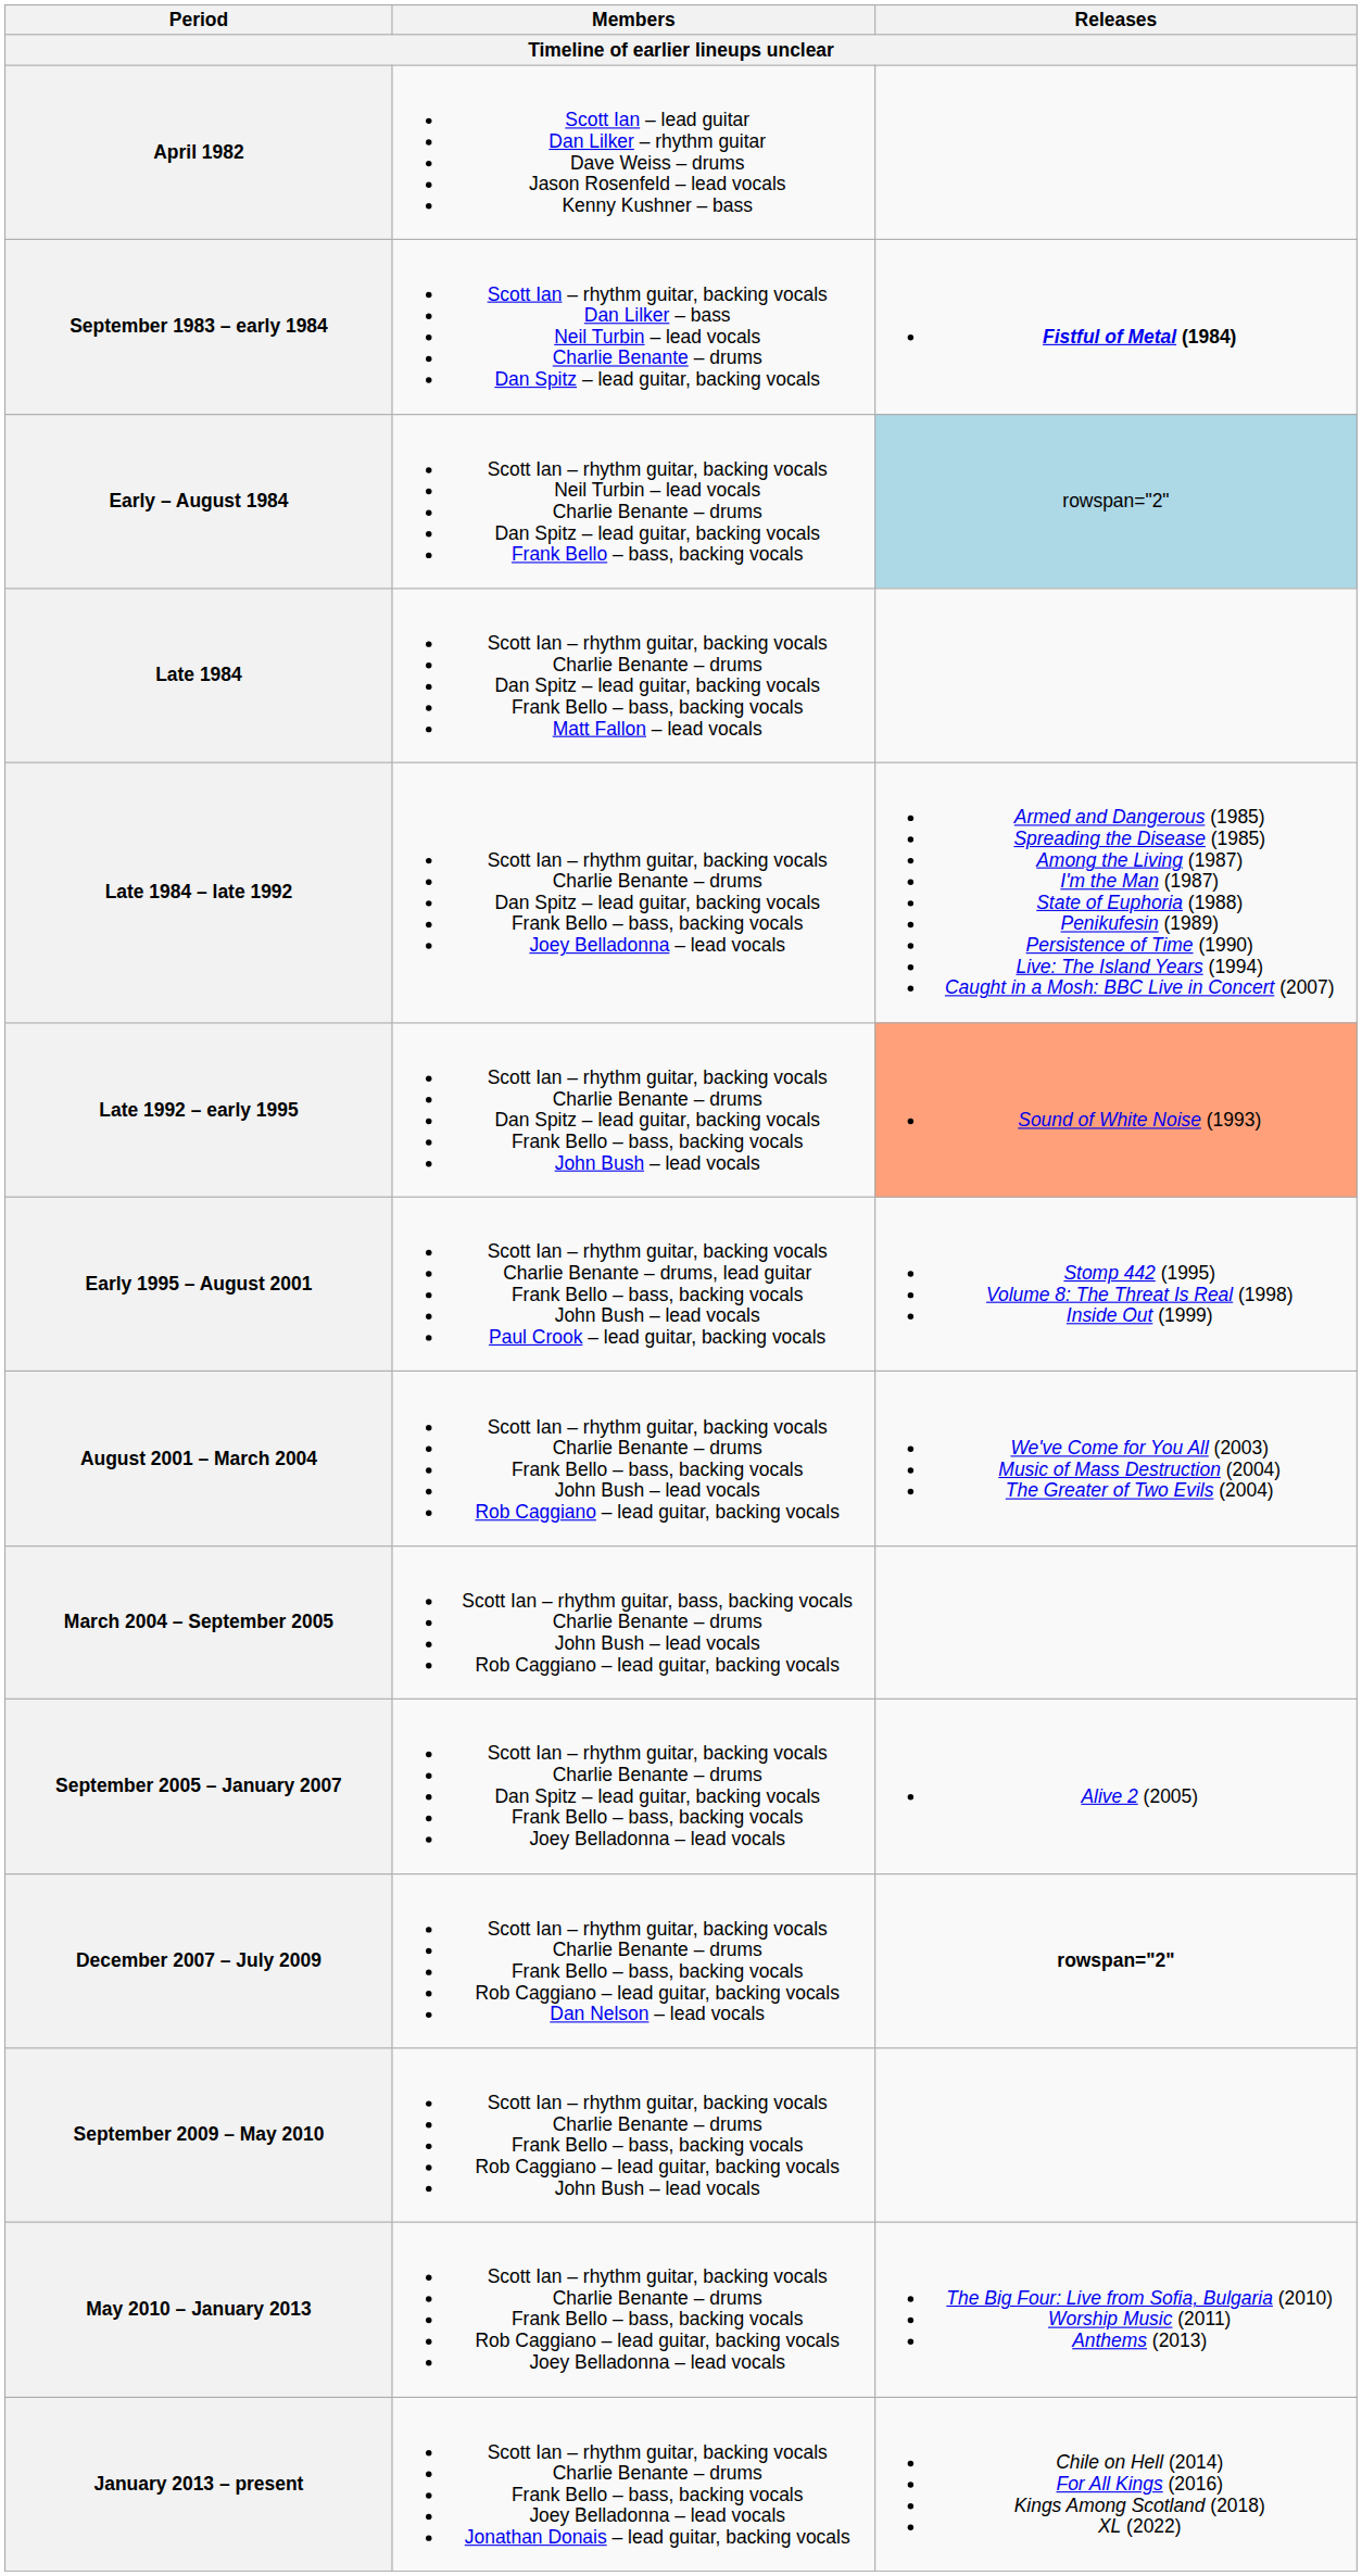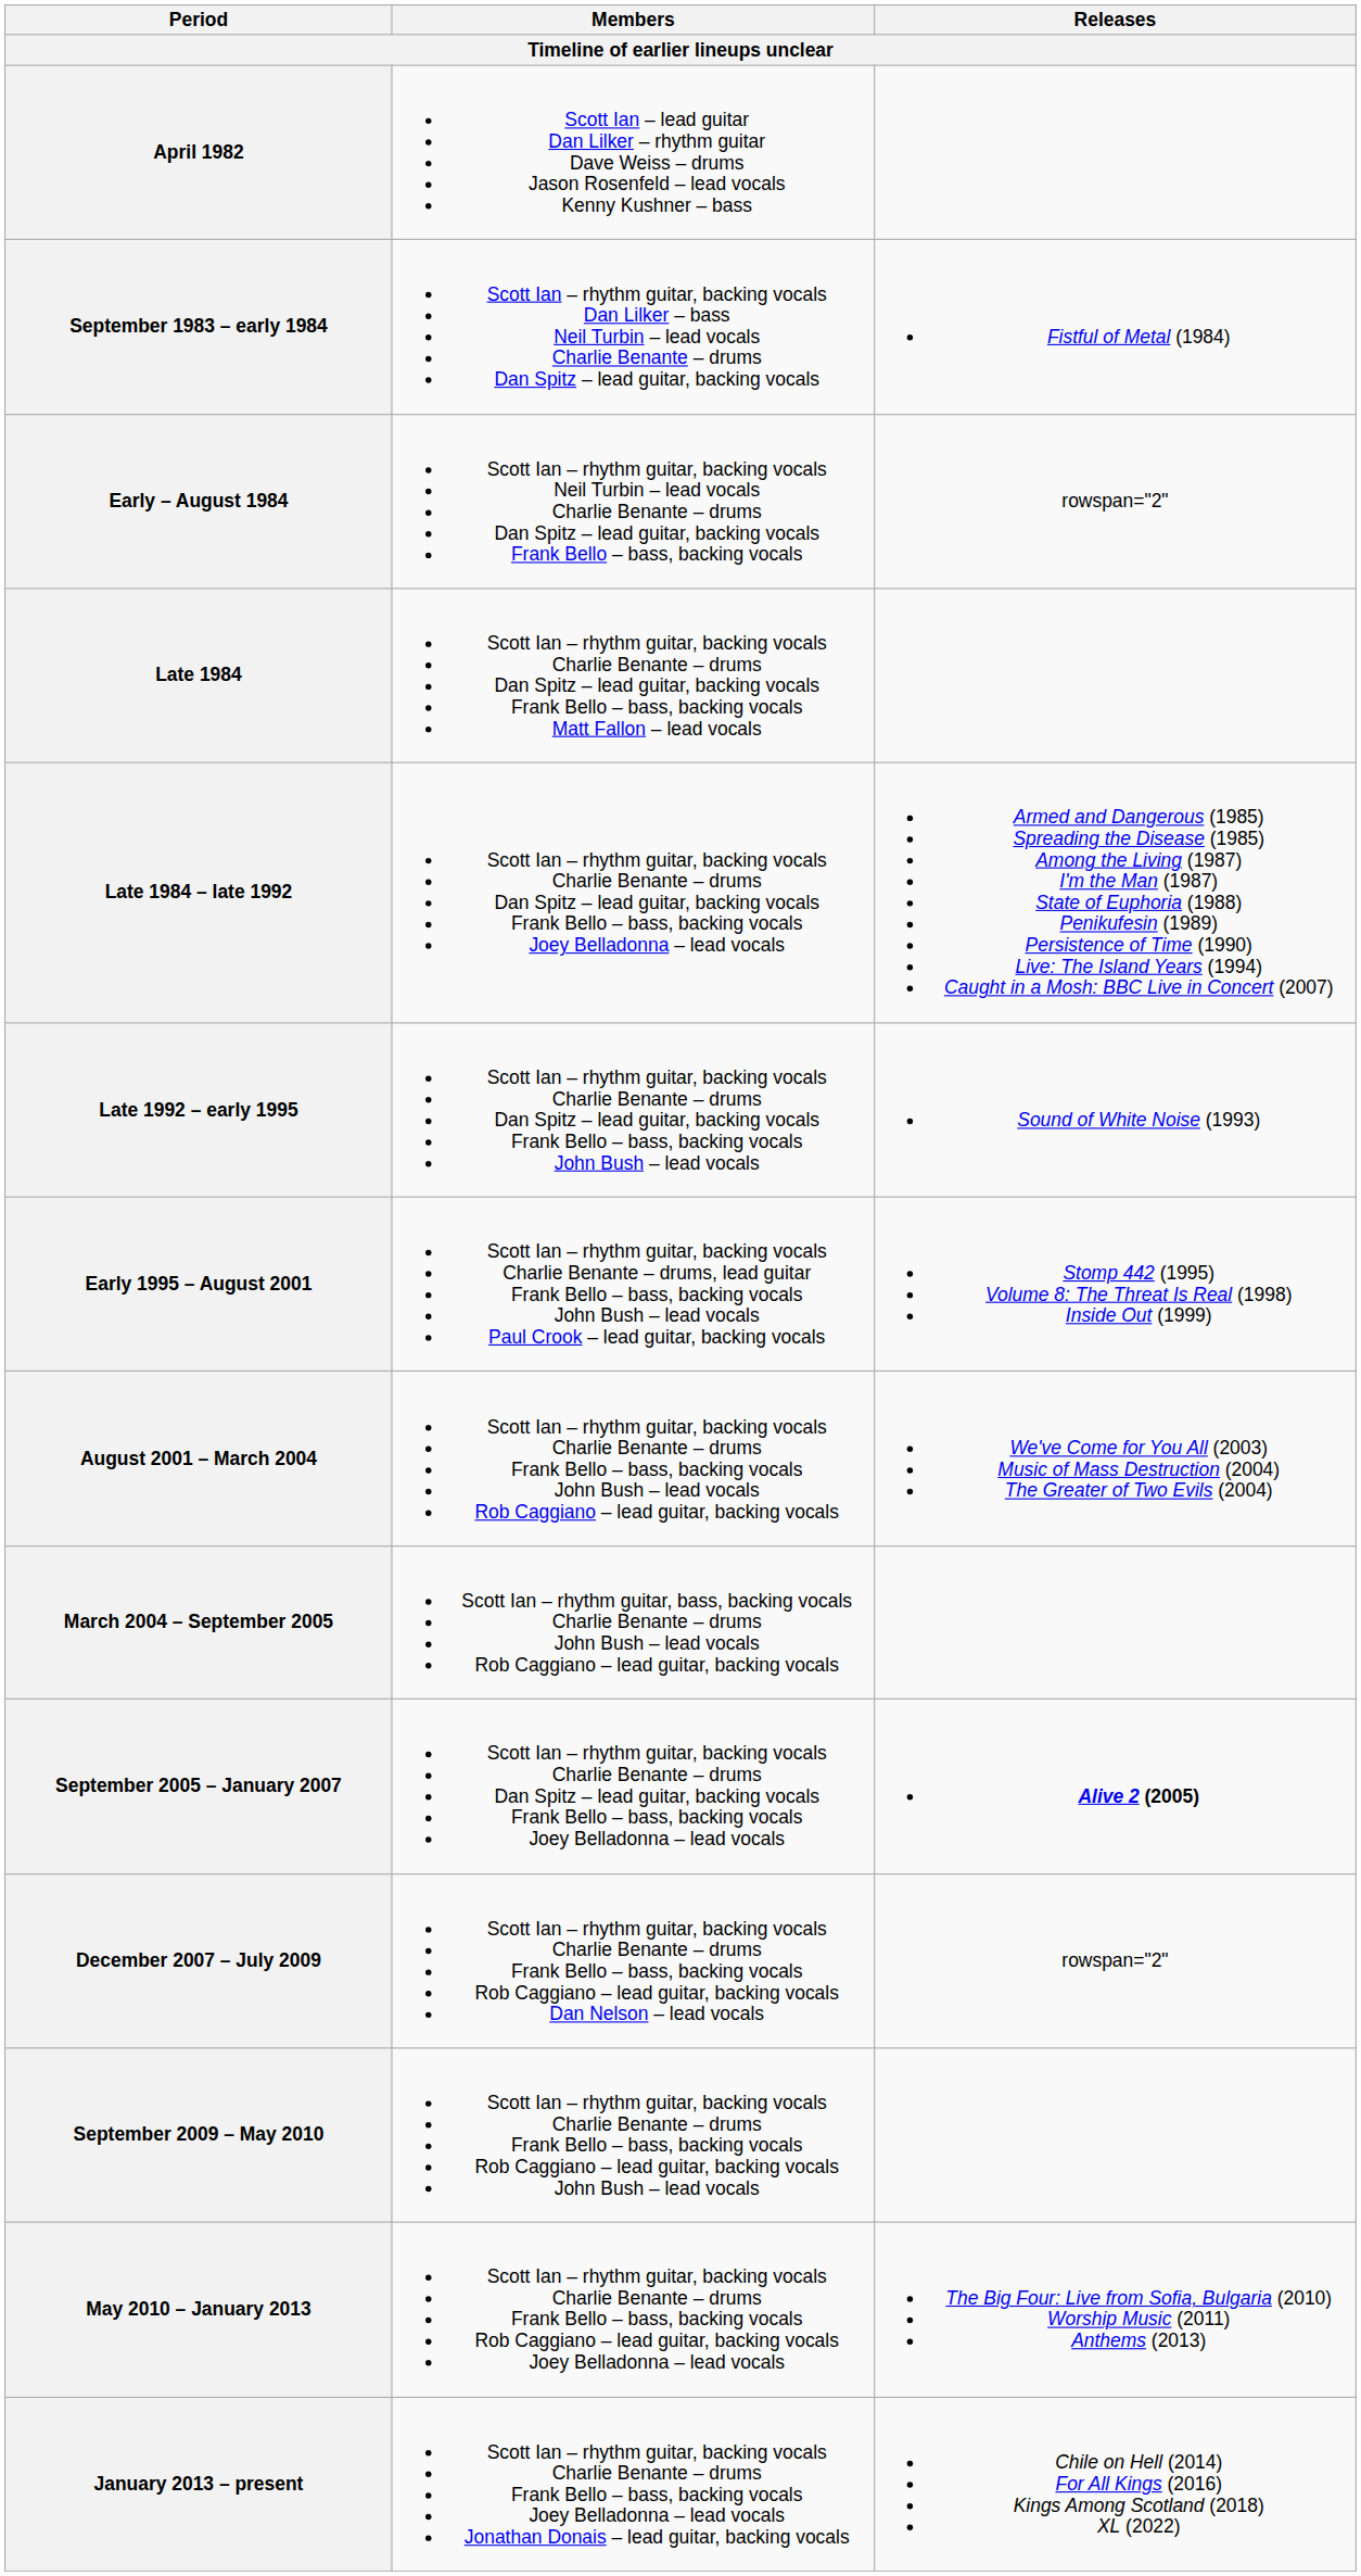 <table class="wikitable plainrowheaders" style="text-align:center;">
 <tr>
 <th scope="col" style="width:20em;">Period</th>
 <th scope="col" style="width:25em;">Members</th>
 <th scope="col" style="width:25em;">Releases</th>
 </tr>
 <tr>
 <th scope="col" colspan="3">Timeline of earlier lineups unclear</th>
 </tr>
 <tr>
 <th scope="col">April 1982</th>
 <td><br><ul><li><a href='#'>Scott Ian</a> – lead guitar</li><li><a href='#'>Dan Lilker</a> – rhythm guitar</li><li>Dave Weiss – drums</li><li>Jason Rosenfeld – lead vocals</li><li>Kenny Kushner – bass</li></ul></td>
 <td></td>
 </tr>
 <tr>
 <th scope="col">September 1983 – early 1984</th>
 <td><br><ul><li><a href='#'>Scott Ian</a> – rhythm guitar, backing vocals</li><li><a href='#'>Dan Lilker</a> – bass</li><li><a href='#'>Neil Turbin</a> – lead vocals</li><li><a href='#'>Charlie Benante</a> – drums</li><li><a href='#'>Dan Spitz</a> – lead guitar, backing vocals</li></ul></td>
-<td><strong><br><ul><li><em><a href='#'>Fistful of Metal</a></em> (1984)</li></ul></strong></td>
+<td><br><ul><li><em><a href='#'>Fistful of Metal</a></em> (1984)</li></ul></td>
 </tr>
 <tr>
 <th scope="col">Early – August 1984</th>
 <td><br><ul><li>Scott Ian – rhythm guitar, backing vocals</li><li>Neil Turbin – lead vocals</li><li>Charlie Benante – drums</li><li>Dan Spitz – lead guitar, backing vocals</li><li><a href='#'>Frank Bello</a> – bass, backing vocals</li></ul></td>
-<td style="background: lightblue;">rowspan="2" </td>
+<td>rowspan="2" </td>
 </tr>
 <tr>
 <th scope="col">Late 1984</th>
 <td><br><ul><li>Scott Ian – rhythm guitar, backing vocals</li><li>Charlie Benante – drums</li><li>Dan Spitz – lead guitar, backing vocals</li><li>Frank Bello – bass, backing vocals</li><li><a href='#'>Matt Fallon</a> – lead vocals</li></ul></td>
 </tr>
 <tr>
 <th scope="col">Late 1984 – late 1992</th>
 <td><br><ul><li>Scott Ian – rhythm guitar, backing vocals</li><li>Charlie Benante – drums</li><li>Dan Spitz – lead guitar, backing vocals</li><li>Frank Bello – bass, backing vocals</li><li><a href='#'>Joey Belladonna</a> – lead vocals</li></ul></td>
 <td><br><ul><li><em><a href='#'>Armed and Dangerous</a></em> (1985)</li><li><em><a href='#'>Spreading the Disease</a></em> (1985)</li><li><em><a href='#'>Among the Living</a></em> (1987)</li><li><em><a href='#'>I'm the Man</a></em> (1987)</li><li><em><a href='#'>State of Euphoria</a></em> (1988)</li><li><em><a href='#'>Penikufesin</a></em> (1989)</li><li><em><a href='#'>Persistence of Time</a></em> (1990)</li><li><em><a href='#'>Live: The Island Years</a></em> (1994)</li><li><em><a href='#'>Caught in a Mosh: BBC Live in Concert</a></em> (2007)</li></ul></td>
 </tr>
 <tr>
 <th scope="col">Late 1992 – early 1995</th>
 <td><br><ul><li>Scott Ian – rhythm guitar, backing vocals</li><li>Charlie Benante – drums</li><li>Dan Spitz – lead guitar, backing vocals</li><li>Frank Bello – bass, backing vocals</li><li><a href='#'>John Bush</a> – lead vocals</li></ul></td>
-<td style="background: lightsalmon;"><br><ul><li><em><a href='#'>Sound of White Noise</a></em> (1993)</li></ul></td>
+<td><br><ul><li><em><a href='#'>Sound of White Noise</a></em> (1993)</li></ul></td>
 </tr>
 <tr>
 <th scope="col">Early 1995 – August 2001</th>
 <td><br><ul><li>Scott Ian – rhythm guitar, backing vocals</li><li>Charlie Benante – drums, lead guitar</li><li>Frank Bello – bass, backing vocals</li><li>John Bush – lead vocals</li><li><a href='#'>Paul Crook</a> – lead guitar, backing vocals</li></ul></td>
 <td><br><ul><li><em><a href='#'>Stomp 442</a></em> (1995)</li><li><em><a href='#'>Volume 8: The Threat Is Real</a></em> (1998)</li><li><em><a href='#'>Inside Out</a></em> (1999)</li></ul></td>
 </tr>
 <tr>
 <th scope="col">August 2001 – March 2004</th>
 <td><br><ul><li>Scott Ian – rhythm guitar, backing vocals</li><li>Charlie Benante – drums</li><li>Frank Bello – bass, backing vocals</li><li>John Bush – lead vocals</li><li><a href='#'>Rob Caggiano</a> – lead guitar, backing vocals</li></ul></td>
 <td><br><ul><li><em><a href='#'>We've Come for You All</a></em> (2003)</li><li><em><a href='#'>Music of Mass Destruction</a></em> (2004)</li><li><em><a href='#'>The Greater of Two Evils</a></em> (2004)</li></ul></td>
 </tr>
 <tr>
 <th scope="col">March 2004 – September 2005</th>
 <td><br><ul><li>Scott Ian – rhythm guitar, bass, backing vocals</li><li>Charlie Benante – drums</li><li>John Bush – lead vocals</li><li>Rob Caggiano – lead guitar, backing vocals</li></ul></td>
 <td></td>
 </tr>
 <tr>
 <th scope="col">September 2005 – January 2007</th>
 <td><br><ul><li>Scott Ian – rhythm guitar, backing vocals</li><li>Charlie Benante – drums</li><li>Dan Spitz – lead guitar, backing vocals</li><li>Frank Bello – bass, backing vocals</li><li>Joey Belladonna – lead vocals</li></ul></td>
-<td><br><ul><li><em><a href='#'>Alive 2</a></em> (2005)</li></ul></td>
+<td><strong><br><ul><li><em><a href='#'>Alive 2</a></em> (2005)</li></ul></strong></td>
 </tr>
 <tr>
 <th scope="col">December 2007 – July 2009</th>
 <td><br><ul><li>Scott Ian – rhythm guitar, backing vocals</li><li>Charlie Benante – drums</li><li>Frank Bello – bass, backing vocals</li><li>Rob Caggiano – lead guitar, backing vocals</li><li><a href='#'>Dan Nelson</a> – lead vocals</li></ul></td>
-<td><strong>rowspan="2" </strong></td>
+<td>rowspan="2" </td>
 </tr>
 <tr>
 <th scope="col">September 2009 – May 2010</th>
 <td><br><ul><li>Scott Ian – rhythm guitar, backing vocals</li><li>Charlie Benante – drums</li><li>Frank Bello – bass, backing vocals</li><li>Rob Caggiano – lead guitar, backing vocals</li><li>John Bush – lead vocals</li></ul></td>
 </tr>
 <tr>
 <th scope="col">May 2010 – January 2013</th>
 <td><br><ul><li>Scott Ian – rhythm guitar, backing vocals</li><li>Charlie Benante – drums</li><li>Frank Bello – bass, backing vocals</li><li>Rob Caggiano – lead guitar, backing vocals</li><li>Joey Belladonna – lead vocals</li></ul></td>
 <td><br><ul><li><em><a href='#'>The Big Four: Live from Sofia, Bulgaria</a></em> (2010)</li><li><em><a href='#'>Worship Music</a></em> (2011)</li><li><em><a href='#'>Anthems</a></em> (2013)</li></ul></td>
 </tr>
 <tr>
 <th scope="col">January 2013 – present</th>
 <td><br><ul><li>Scott Ian – rhythm guitar, backing vocals</li><li>Charlie Benante – drums</li><li>Frank Bello – bass, backing vocals</li><li>Joey Belladonna – lead vocals</li><li><a href='#'>Jonathan Donais</a> – lead guitar, backing vocals</li></ul></td>
 <td><br><ul><li><em>Chile on Hell</em> (2014)</li><li><em><a href='#'>For All Kings</a></em> (2016)</li><li><em>Kings Among Scotland</em> (2018)</li><li><em>XL</em> (2022)</li></ul></td>
 </tr>
 </table>
